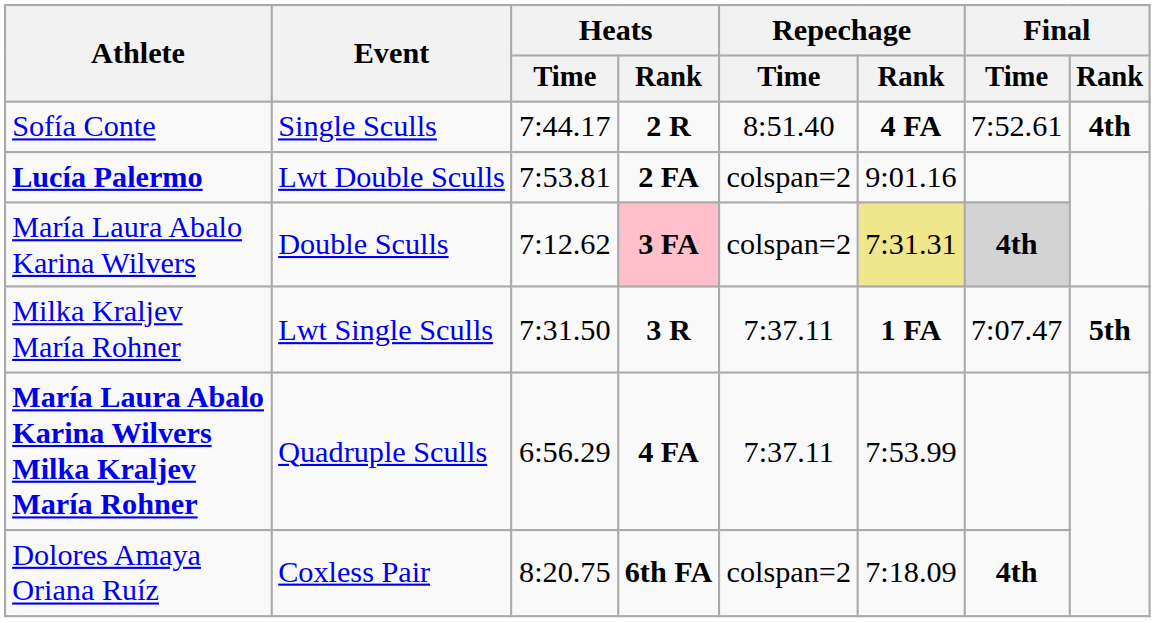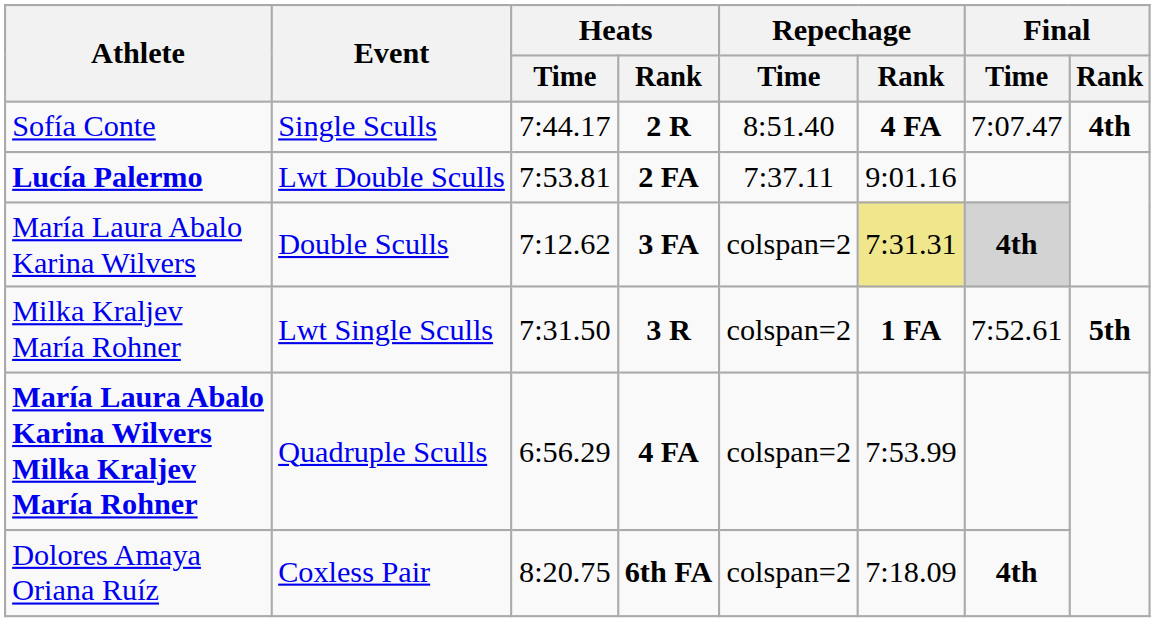 <table class="wikitable" style="font-size:90%">
 <tr>
 <th rowspan=2>Athlete</th>
 <th rowspan=2>Event</th>
 <th colspan="2">Heats</th>
 <th colspan="2">Repechage</th>
 <th colspan="2">Final</th>
 </tr>
 <tr style="font-size:95%">
 <th>Time</th>
 <th>Rank</th>
 <th>Time</th>
 <th>Rank</th>
 <th>Time</th>
 <th>Rank</th>
 </tr>
 <tr align=center>
 <td align=left><a href='#'>Sofía Conte</a></td>
 <td align=left><a href='#'>Single Sculls</a></td>
 <td>7:44.17</td>
 <td><strong>2</strong> <strong>R</strong></td>
 <td>8:51.40</td>
 <td><strong>4</strong> <strong>FA</strong></td>
-<td>7:52.61</td>
+<td>7:07.47</td>
 <td><strong>4th</strong></td>
 </tr>
 <tr align=center>
 <td align=left><strong><a href='#'>Lucía Palermo</a></strong></td>
 <td align=left><a href='#'>Lwt Double Sculls</a></td>
 <td>7:53.81</td>
 <td><strong>2</strong> <strong>FA</strong></td>
-<td>colspan=2 </td>
+<td>7:37.11</td>
 <td>9:01.16</td>
 <td></td>
 </tr>
 <tr align=center>
 <td align=left><a href='#'>María Laura Abalo</a><br><a href='#'>Karina Wilvers</a></td>
 <td align=left><a href='#'>Double Sculls</a></td>
 <td>7:12.62</td>
-<td style="background: pink;"><strong>3</strong> <strong>FA</strong></td>
+<td><strong>3</strong> <strong>FA</strong></td>
 <td>colspan=2 </td>
 <td style="background: khaki;">7:31.31</td>
 <td style="background: lightgrey;"><strong>4th</strong></td>
 </tr>
 <tr align=center>
 <td align=left><a href='#'>Milka Kraljev</a><br><a href='#'>María Rohner</a></td>
 <td align=left><a href='#'>Lwt Single Sculls</a></td>
 <td>7:31.50</td>
 <td><strong>3</strong> <strong>R</strong></td>
-<td>7:37.11</td>
+<td>colspan=2 </td>
 <td><strong>1</strong> <strong>FA</strong></td>
-<td>7:07.47</td>
+<td>7:52.61</td>
 <td><strong>5th</strong></td>
 </tr>
 <tr align=center>
 <td align=left><strong><a href='#'>María Laura Abalo</a></strong><br><strong><a href='#'>Karina Wilvers</a></strong><br><strong><a href='#'>Milka Kraljev</a></strong><br><strong><a href='#'>María Rohner</a></strong></td>
 <td align=left><a href='#'>Quadruple Sculls</a></td>
 <td>6:56.29</td>
 <td><strong>4</strong> <strong>FA</strong></td>
-<td>7:37.11</td>
+<td>colspan=2 </td>
 <td>7:53.99</td>
 <td></td>
 </tr>
 <tr align=center>
 <td align=left><a href='#'>Dolores Amaya</a><br><a href='#'>Oriana Ruíz</a></td>
 <td align=left><a href='#'>Coxless Pair</a></td>
 <td>8:20.75</td>
 <td><strong>6th</strong> <strong>FA</strong></td>
 <td>colspan=2 </td>
 <td>7:18.09</td>
 <td><strong>4th</strong></td>
 </tr>
 </table>
